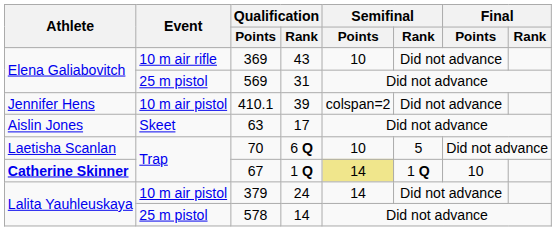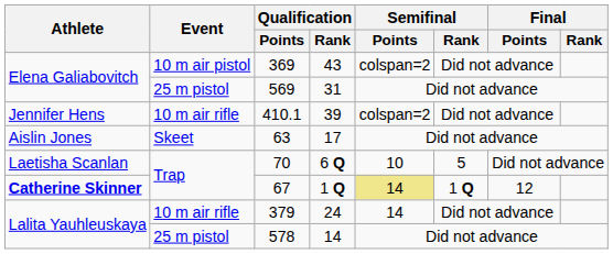 <table class="wikitable" style="font-size:90%">
 <tr>
 <th rowspan="2">Athlete</th>
 <th rowspan="2">Event</th>
 <th colspan=2>Qualification</th>
 <th colspan=2>Semifinal</th>
 <th colspan=2>Final</th>
 </tr>
 <tr style="font-size:95%">
 <th>Points</th>
 <th>Rank</th>
 <th>Points</th>
 <th>Rank</th>
 <th>Points</th>
 <th>Rank</th>
 </tr>
 <tr align=center>
 <td align=left rowspan=2><a href='#'>Elena Galiabovitch</a></td>
-<td align=left><a href='#'>10 m air rifle</a></td>
+<td align=left><a href='#'>10 m air pistol</a></td>
 <td>369</td>
 <td>43</td>
-<td>10</td>
+<td>colspan=2 </td>
 <td colspan=2>Did not advance</td>
 </tr>
 <tr align=center>
 <td align=left><a href='#'>25 m pistol</a></td>
 <td>569</td>
 <td>31</td>
 <td colspan=4>Did not advance</td>
 </tr>
 <tr align=center>
 <td align=left><a href='#'>Jennifer Hens</a></td>
-<td align=left><a href='#'>10 m air pistol</a></td>
+<td align=left><a href='#'>10 m air rifle</a></td>
 <td>410.1</td>
 <td>39</td>
 <td>colspan=2 </td>
 <td colspan=2>Did not advance</td>
 </tr>
 <tr align=center>
 <td align=left><a href='#'>Aislin Jones</a></td>
 <td align=left><a href='#'>Skeet</a></td>
 <td>63</td>
 <td>17</td>
 <td colspan=4>Did not advance</td>
 </tr>
 <tr align=center>
 <td align=left><a href='#'>Laetisha Scanlan</a></td>
 <td align=left rowspan=2><a href='#'>Trap</a></td>
 <td>70</td>
 <td>6 <strong>Q</strong></td>
 <td>10</td>
 <td>5</td>
 <td colspan=2>Did not advance</td>
 </tr>
 <tr align=center>
 <td align=left><strong><a href='#'>Catherine Skinner</a></strong></td>
 <td>67</td>
 <td>1 <strong>Q</strong></td>
 <td style="background: khaki;">14</td>
 <td>1 <strong>Q</strong></td>
-<td>10</td>
+<td>12</td>
 <td></td>
 </tr>
 <tr align=center>
 <td align=left rowspan=2><a href='#'>Lalita Yauhleuskaya</a></td>
-<td align=left><a href='#'>10 m air pistol</a></td>
+<td align=left><a href='#'>10 m air rifle</a></td>
 <td>379</td>
 <td>24</td>
 <td>14</td>
 <td colspan=2>Did not advance</td>
 </tr>
 <tr align=center>
 <td align=left><a href='#'>25 m pistol</a></td>
 <td>578</td>
 <td>14</td>
 <td colspan=4>Did not advance</td>
 </tr>
 </table>
